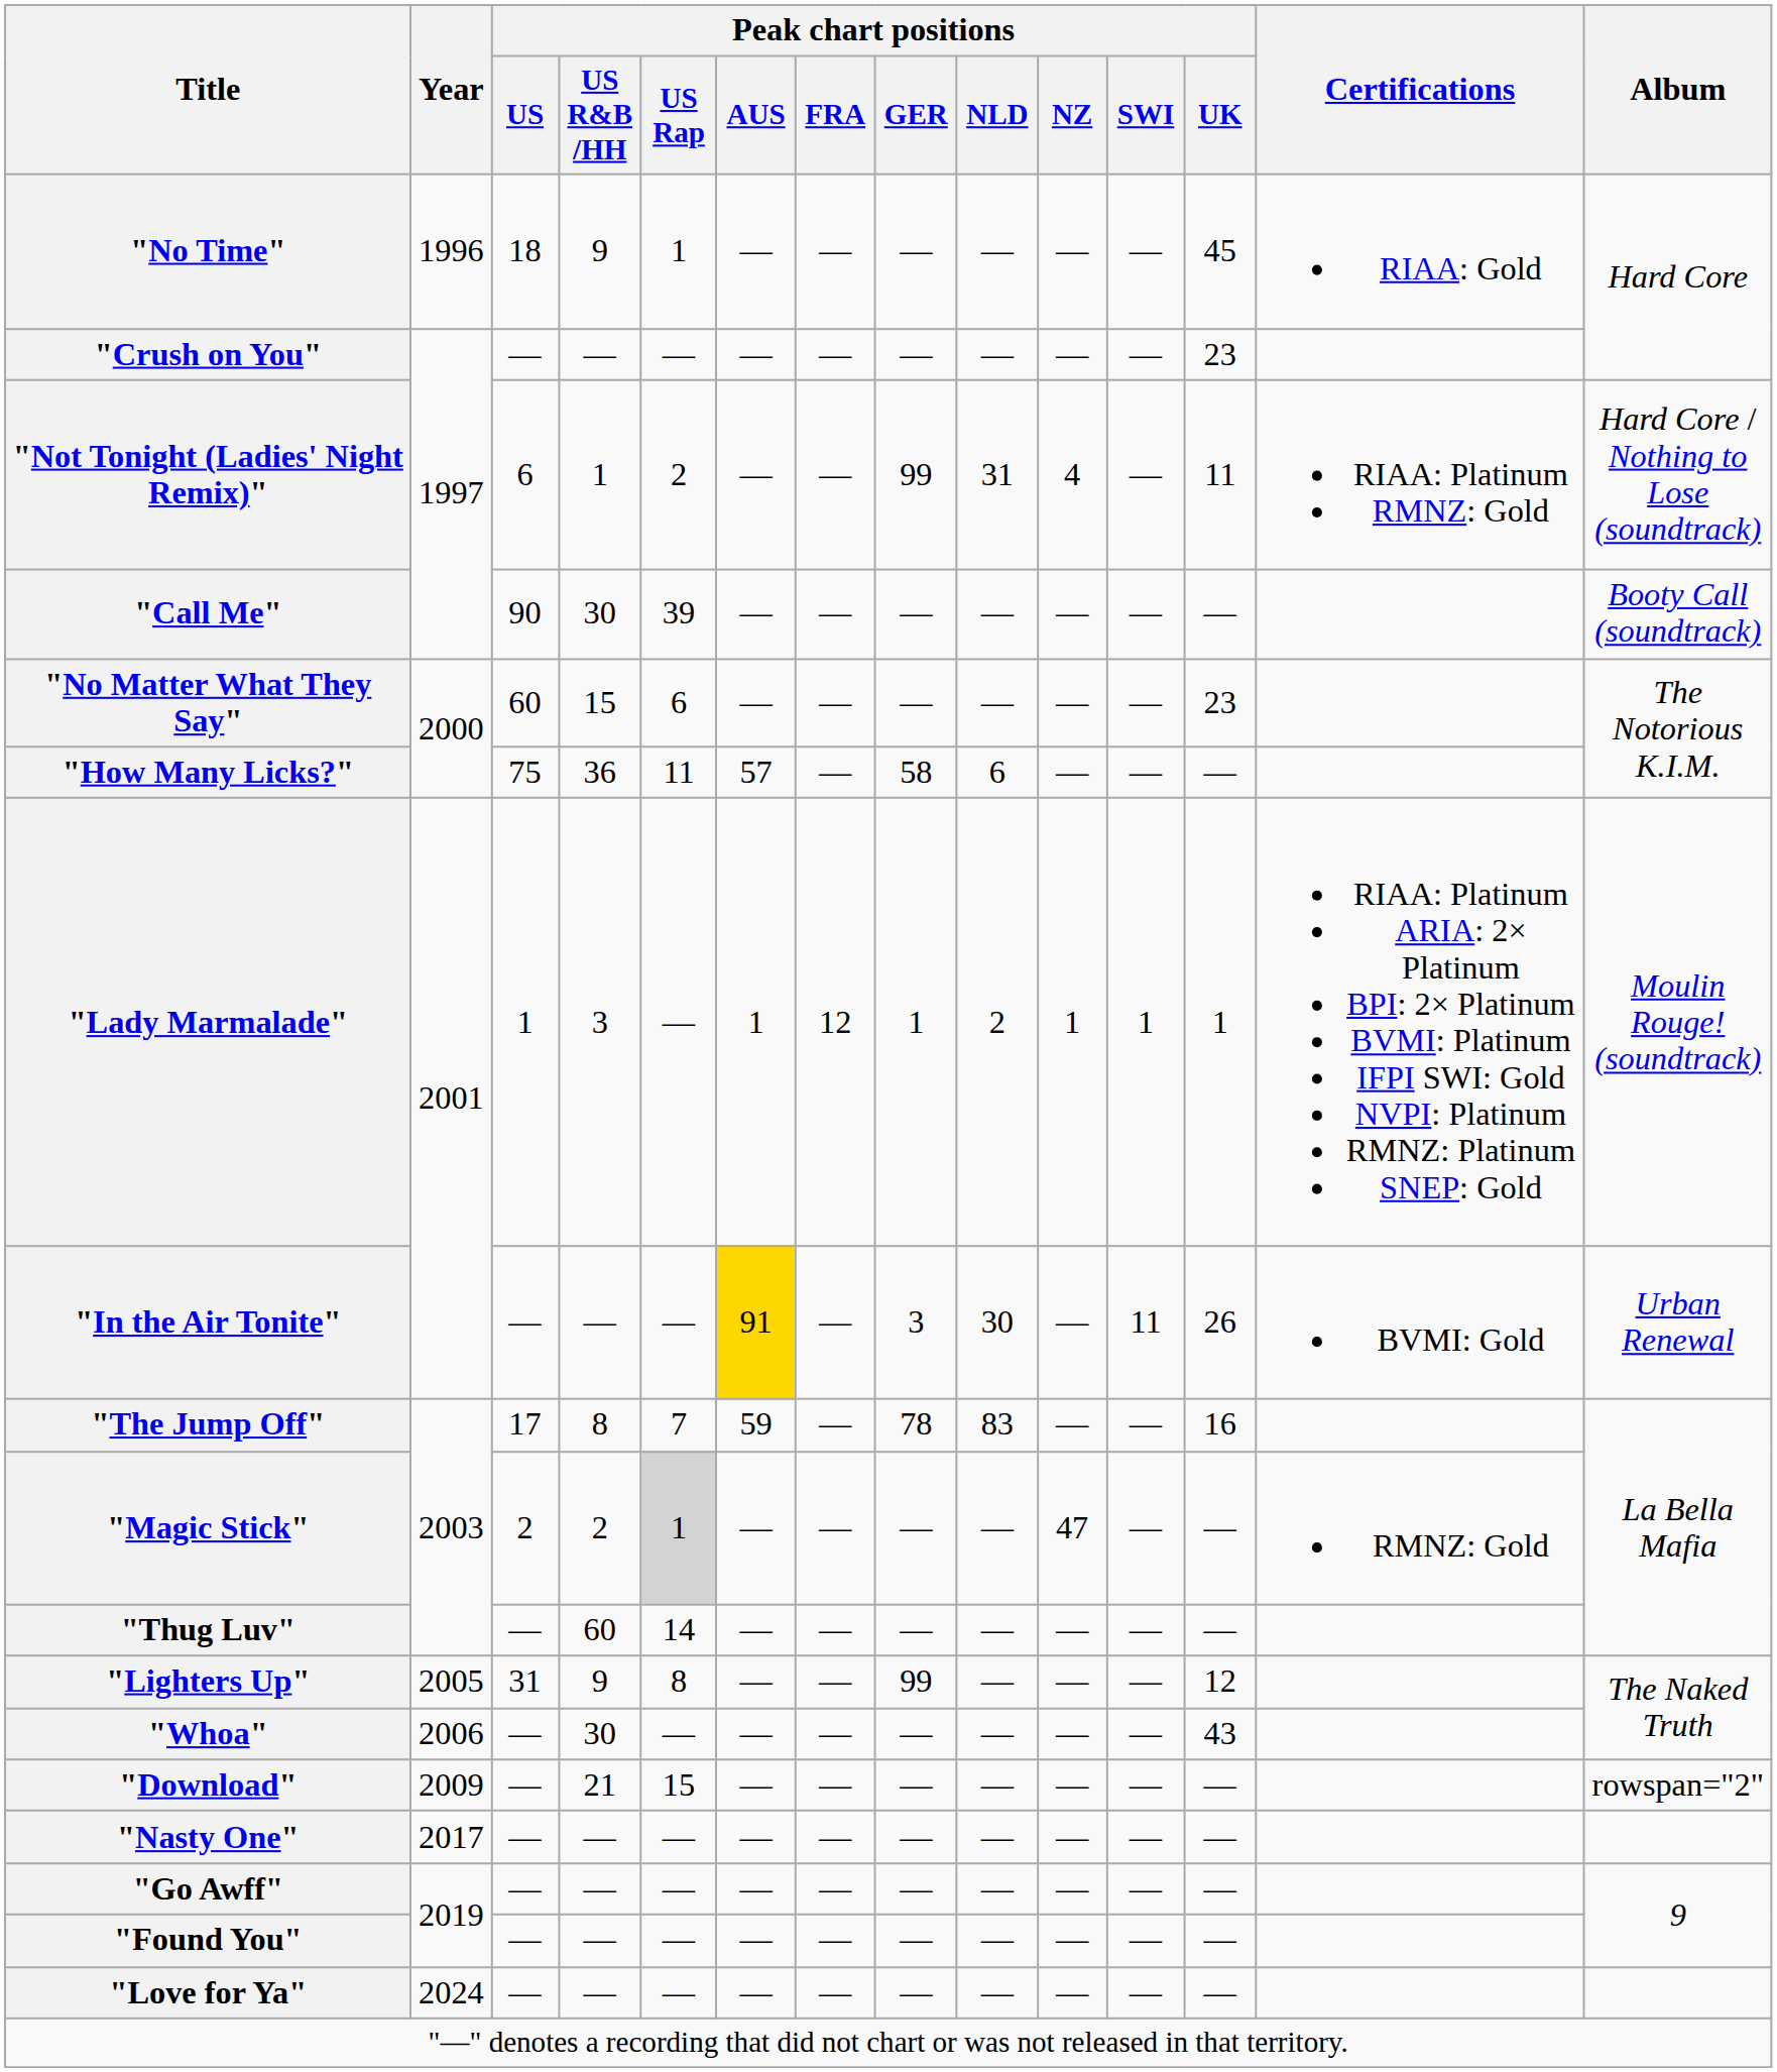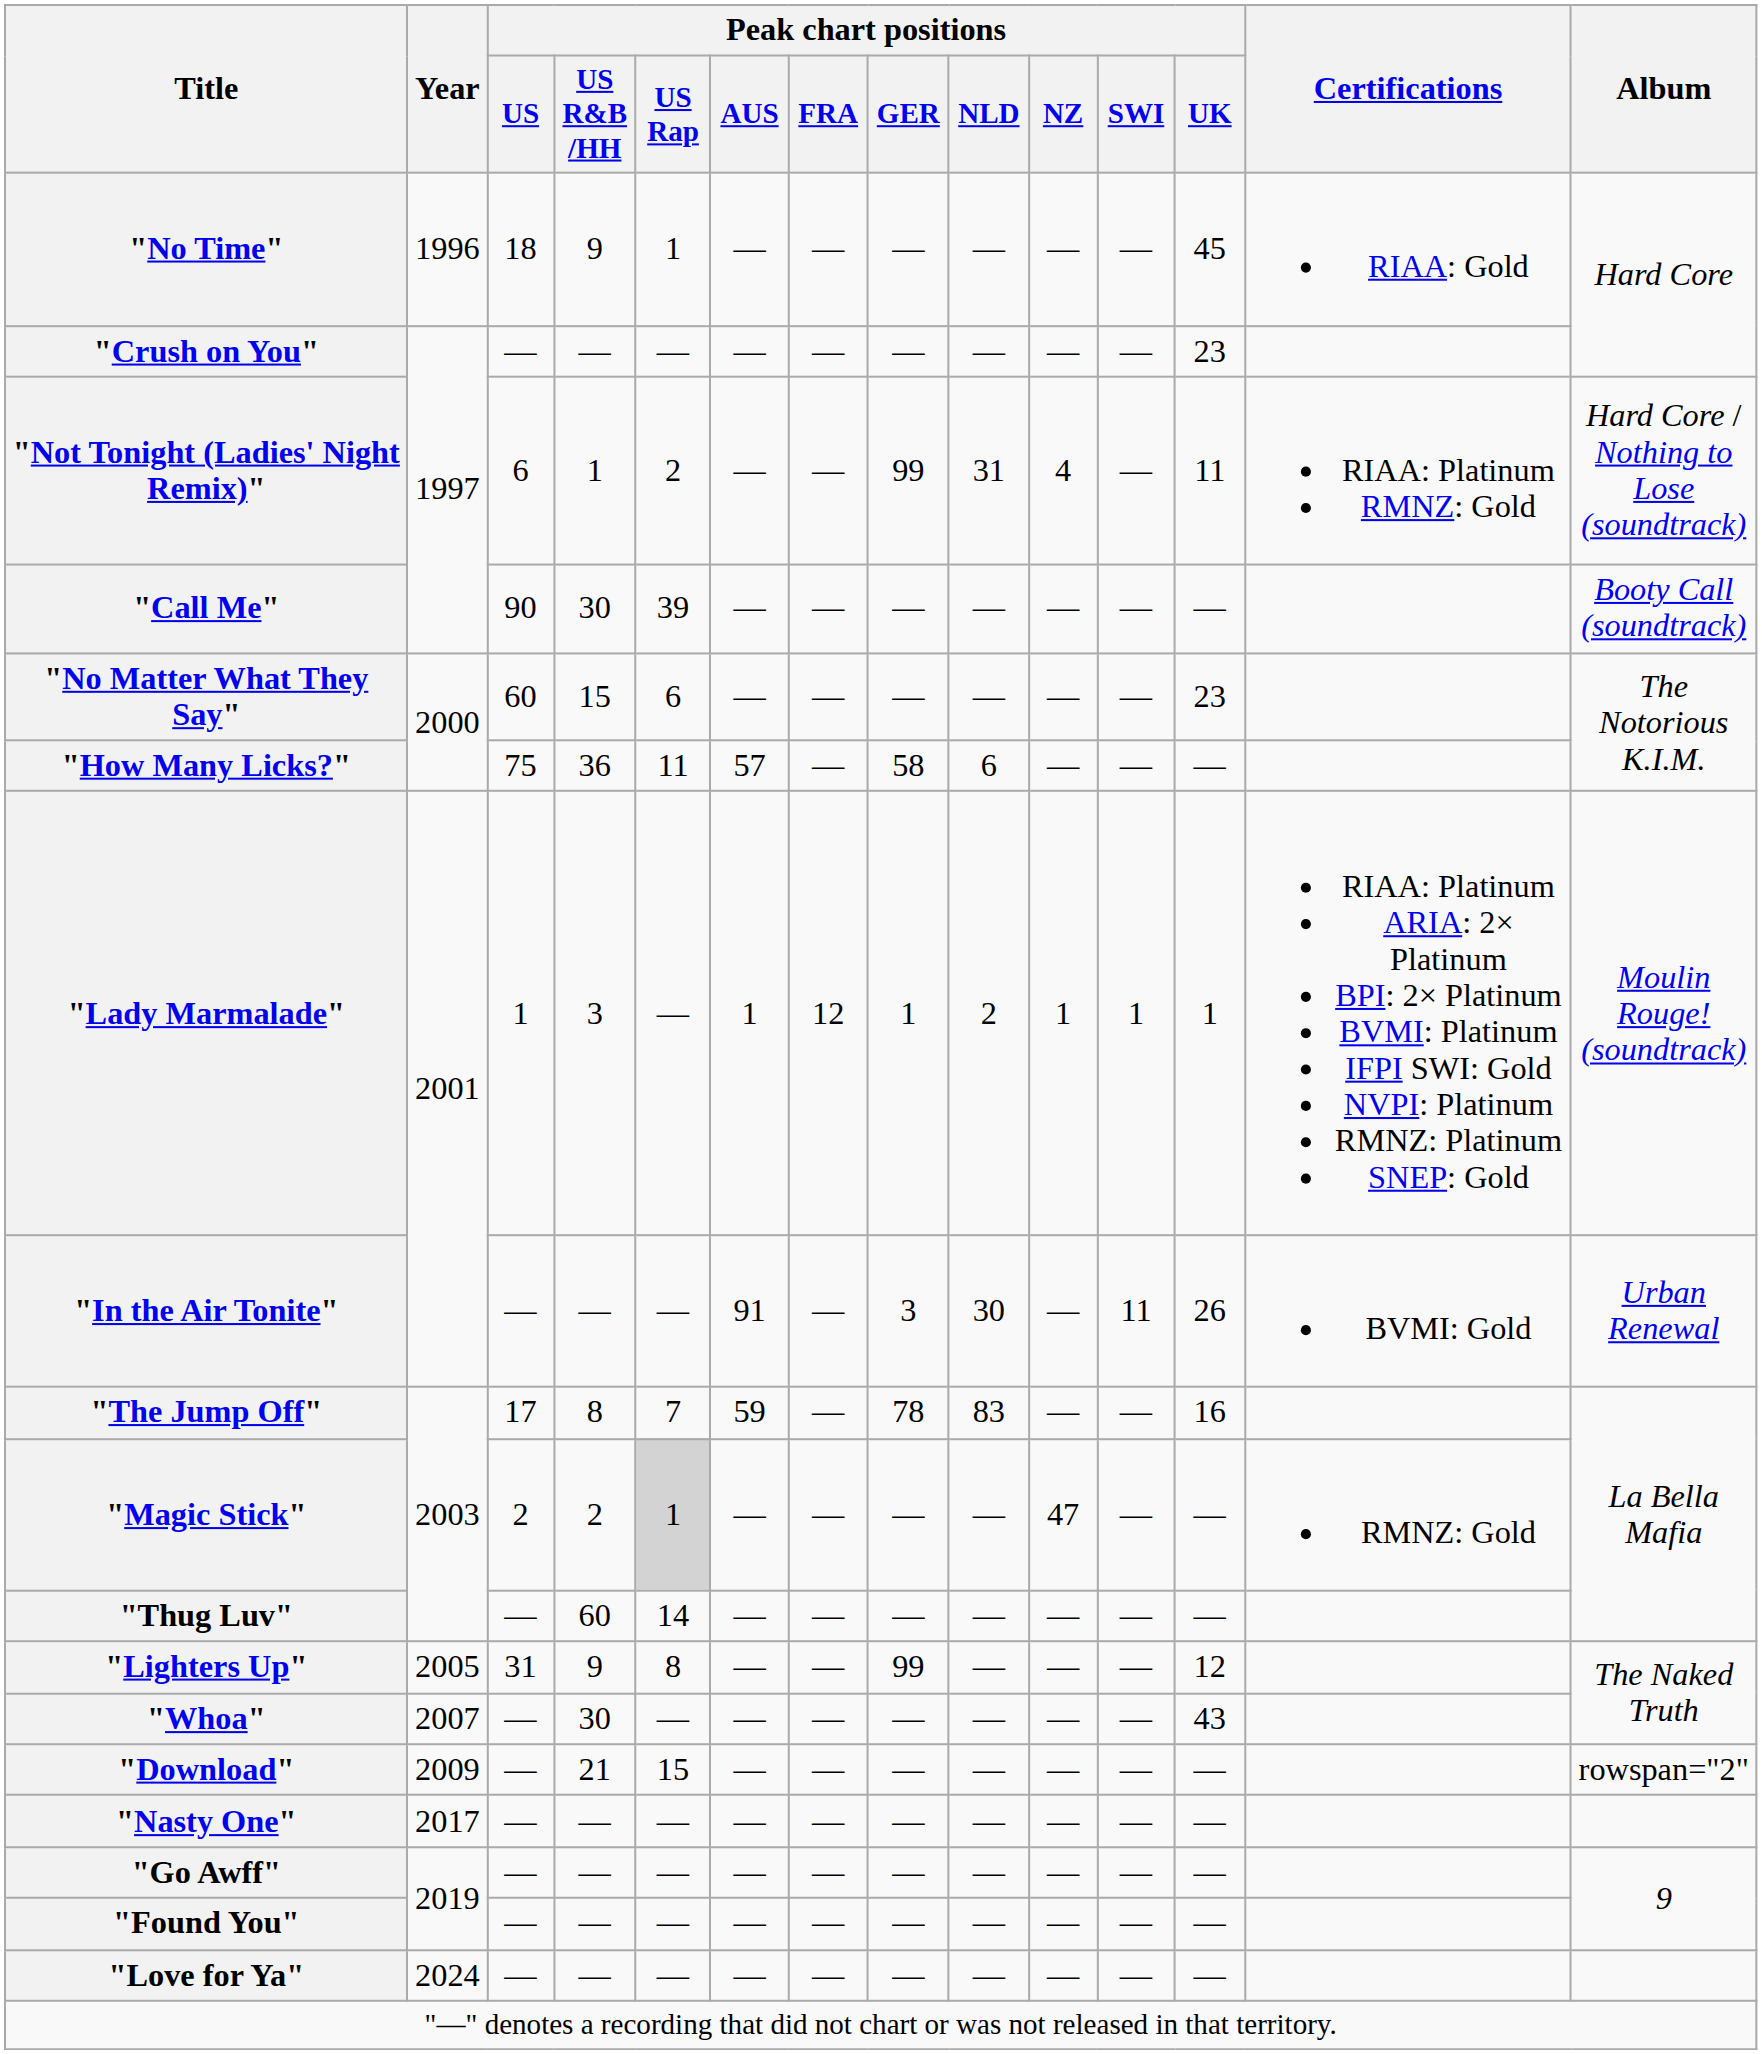 <table class="wikitable plainrowheaders" style="text-align:center;">
 <tr>
 <th scope="col" rowspan="2" style="width:20em;">Title</th>
 <th scope="col" rowspan="2">Year</th>
 <th scope="col" colspan="10">Peak chart positions</th>
 <th scope="col" rowspan="2" style="width:14em;"><a href='#'>Certifications</a></th>
 <th scope="col" rowspan="2">Album</th>
 </tr>
 <tr>
 <th scope="col" style="width:2.5em;font-size:90%;"><a href='#'>US</a><br></th>
 <th scope="col" style="width:2.5em;font-size:90%;"><a href='#'>US<br>R&B<br>/HH</a><br></th>
 <th scope="col" style="width:2.5em;font-size:90%;"><a href='#'>US<br>Rap</a><br></th>
 <th scope="col" style="width:2.5em;font-size:90%;"><a href='#'>AUS</a><br></th>
 <th scope="col" style="width:2.5em;font-size:90%;"><a href='#'>FRA</a><br></th>
 <th scope="col" style="width:2.5em;font-size:90%;"><a href='#'>GER</a><br></th>
 <th scope="col" style="width:2.5em;font-size:90%;"><a href='#'>NLD</a><br></th>
 <th scope="col" style="width:2.5em;font-size:90%;"><a href='#'>NZ</a><br></th>
 <th scope="col" style="width:2.5em;font-size:90%;"><a href='#'>SWI</a><br></th>
 <th scope="col" style="width:2.5em;font-size:90%;"><a href='#'>UK</a><br></th>
 </tr>
 <tr>
 <th scope="row">"<a href='#'>No Time</a>"<br></th>
 <td>1996</td>
 <td>18</td>
 <td>9</td>
 <td>1</td>
 <td>—</td>
 <td>—</td>
 <td>—</td>
 <td>—</td>
 <td>—</td>
 <td>—</td>
 <td>45</td>
 <td><br><ul><li><a href='#'>RIAA</a>: Gold</li></ul></td>
 <td rowspan="2"><em>Hard Core</em></td>
 </tr>
 <tr>
 <th scope="row">"<a href='#'>Crush on You</a>" <br> </th>
 <td rowspan="3">1997</td>
 <td>—</td>
 <td>—</td>
 <td>—</td>
 <td>—</td>
 <td>—</td>
 <td>—</td>
 <td>—</td>
 <td>—</td>
 <td>—</td>
 <td>23</td>
 <td></td>
 </tr>
 <tr>
 <th scope="row">"<a href='#'>Not Tonight (Ladies' Night Remix)</a>"<br></th>
 <td>6</td>
 <td>1</td>
 <td>2</td>
 <td>—</td>
 <td>—</td>
 <td>99</td>
 <td>31</td>
 <td>4</td>
 <td>—</td>
 <td>11</td>
 <td><br><ul><li>RIAA: Platinum</li><li><a href='#'>RMNZ</a>: Gold</li></ul></td>
 <td><em>Hard Core</em> / <em><a href='#'>Nothing to Lose (soundtrack)</a></em></td>
 </tr>
 <tr>
 <th scope="row">"<a href='#'>Call Me</a>" <br></th>
 <td>90</td>
 <td>30</td>
 <td>39</td>
 <td>—</td>
 <td>—</td>
 <td>—</td>
 <td>—</td>
 <td>—</td>
 <td>—</td>
 <td>—</td>
 <td></td>
 <td><em><a href='#'>Booty Call (soundtrack)</a></em></td>
 </tr>
 <tr>
 <th scope="row">"<a href='#'>No Matter What They Say</a>"</th>
 <td rowspan="2">2000</td>
 <td>60</td>
 <td>15</td>
 <td>6</td>
 <td>—</td>
 <td>—</td>
 <td>—</td>
 <td>—</td>
 <td>—</td>
 <td>—</td>
 <td>23</td>
 <td></td>
 <td rowspan="2"><em>The Notorious K.I.M.</em></td>
 </tr>
 <tr>
 <th scope="row">"<a href='#'>How Many Licks?</a>"<br></th>
 <td>75</td>
 <td>36</td>
 <td>11</td>
 <td>57</td>
 <td>—</td>
 <td>58</td>
 <td>6</td>
 <td>—</td>
 <td>—</td>
 <td>—</td>
 <td></td>
 </tr>
 <tr>
 <th scope="row">"<a href='#'>Lady Marmalade</a>" <br> </th>
 <td rowspan="2">2001</td>
 <td>1</td>
 <td>3</td>
 <td>—</td>
 <td>1</td>
 <td>12</td>
 <td>1</td>
 <td>2</td>
 <td>1</td>
 <td>1</td>
 <td>1</td>
 <td><br><ul><li>RIAA: Platinum</li><li><a href='#'>ARIA</a>: 2× Platinum</li><li><a href='#'>BPI</a>: 2× Platinum</li><li><a href='#'>BVMI</a>: Platinum</li><li><a href='#'>IFPI</a> SWI: Gold</li><li><a href='#'>NVPI</a>: Platinum</li><li>RMNZ: Platinum</li><li><a href='#'>SNEP</a>: Gold</li></ul></td>
 <td><em><a href='#'>Moulin Rouge! (soundtrack)</a></em></td>
 </tr>
 <tr>
 <th scope="row">"<a href='#'>In the Air Tonite</a>" <br></th>
 <td>—</td>
 <td>—</td>
 <td>—</td>
-<td style="background: gold;">91</td>
+<td>91</td>
 <td>—</td>
 <td>3</td>
 <td>30</td>
 <td>—</td>
 <td>11</td>
 <td>26</td>
 <td><br><ul><li>BVMI: Gold</li></ul></td>
 <td><em><a href='#'>Urban Renewal</a></em></td>
 </tr>
 <tr>
 <th scope="row">"<a href='#'>The Jump Off</a>" <br></th>
 <td rowspan="3">2003</td>
 <td>17</td>
 <td>8</td>
 <td>7</td>
 <td>59</td>
 <td>—</td>
 <td>78</td>
 <td>83</td>
 <td>—</td>
 <td>—</td>
 <td>16</td>
 <td></td>
 <td rowspan="3"><em>La Bella Mafia</em></td>
 </tr>
 <tr>
 <th scope="row">"<a href='#'>Magic Stick</a>" <br></th>
 <td>2</td>
 <td>2</td>
 <td style="background: lightgrey;">1</td>
 <td>—</td>
 <td>—</td>
 <td>—</td>
 <td>—</td>
 <td>47</td>
 <td>—</td>
 <td>—</td>
 <td><br><ul><li>RMNZ: Gold</li></ul></td>
 </tr>
 <tr>
 <th scope="row">"Thug Luv" <br></th>
 <td>—</td>
 <td>60</td>
 <td>14</td>
 <td>—</td>
 <td>—</td>
 <td>—</td>
 <td>—</td>
 <td>—</td>
 <td>—</td>
 <td>—</td>
 <td></td>
 </tr>
 <tr>
 <th scope="row">"<a href='#'>Lighters Up</a>"</th>
 <td>2005</td>
 <td>31</td>
 <td>9</td>
 <td>8</td>
 <td>—</td>
 <td>—</td>
 <td>99</td>
 <td>—</td>
 <td>—</td>
 <td>—</td>
 <td>12</td>
 <td></td>
 <td rowspan="2"><em>The Naked Truth</em></td>
 </tr>
 <tr>
 <th scope="row">"<a href='#'>Whoa</a>"</th>
-<td>2006</td>
+<td>2007</td>
 <td>—</td>
 <td>30</td>
 <td>—</td>
 <td>—</td>
 <td>—</td>
 <td>—</td>
 <td>—</td>
 <td>—</td>
 <td>—</td>
 <td>43</td>
 <td></td>
 </tr>
 <tr>
 <th scope="row">"<a href='#'>Download</a>"<br></th>
 <td>2009</td>
 <td>—</td>
 <td>21</td>
 <td>15</td>
 <td>—</td>
 <td>—</td>
 <td>—</td>
 <td>—</td>
 <td>—</td>
 <td>—</td>
 <td>—</td>
 <td></td>
 <td>rowspan="2" </td>
 </tr>
 <tr>
 <th scope="row">"<a href='#'>Nasty One</a>"</th>
 <td>2017</td>
 <td>—</td>
 <td>—</td>
 <td>—</td>
 <td>—</td>
 <td>—</td>
 <td>—</td>
 <td>—</td>
 <td>—</td>
 <td>—</td>
 <td>—</td>
 <td></td>
 </tr>
 <tr>
 <th scope="row">"Go Awff"</th>
 <td rowspan= "2">2019</td>
 <td>—</td>
 <td>—</td>
 <td>—</td>
 <td>—</td>
 <td>—</td>
 <td>—</td>
 <td>—</td>
 <td>—</td>
 <td>—</td>
 <td>—</td>
 <td></td>
 <td rowspan="2"><em>9</em></td>
 </tr>
 <tr>
 <th scope="row">"Found You" <br> </th>
 <td>—</td>
 <td>—</td>
 <td>—</td>
 <td>—</td>
 <td>—</td>
 <td>—</td>
 <td>—</td>
 <td>—</td>
 <td>—</td>
 <td>—</td>
 <td></td>
 </tr>
 <tr>
 <th scope="row">"Love for Ya" <br> </th>
 <td>2024</td>
 <td>—</td>
 <td>—</td>
 <td>—</td>
 <td>—</td>
 <td>—</td>
 <td>—</td>
 <td>—</td>
 <td>—</td>
 <td>—</td>
 <td>—</td>
 <td></td>
 <td></td>
 </tr>
 <tr>
 <td colspan="14" style="font-size:90%">"—" denotes a recording that did not chart or was not released in that territory.</td>
 </tr>
 </table>
